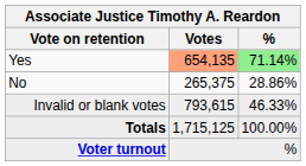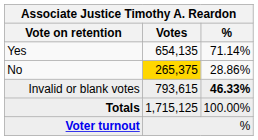 <table class="wikitable" style="font-size: 95%;">
 <tr style="background-color:#E9E9E9">
 <th colspan=7>Associate Justice Timothy A. Reardon</th>
 </tr>
 <tr style="background-color:#E9E9E9">
 <th style="width: 170px">Vote on retention</th>
 <th style="width: 50px">Votes</th>
 <th style="width: 40px">%</th>
 </tr>
 <tr>
 <td>Yes</td>
-<td align="right" style="background: lightsalmon;">654,135</td>
-<td align="right" style="background: lightgreen;">71.14%</td>
+<td align="right">654,135</td>
+<td align="right">71.14%</td>
 </tr>
 <tr>
 <td>No</td>
-<td align="right">265,375</td>
+<td align="right" style="background: gold;">265,375</td>
 <td align="right">28.86%</td>
 </tr>
 <tr style="background-color:#EEEEEE">
 <td align="right">Invalid or blank votes</td>
 <td align="right">793,615</td>
-<td align="right">46.33%</td>
+<td align="right"><strong>46.33%</strong></td>
 </tr>
 <tr style="background-color:#EEEEEE">
 <td colspan="1" align="right"><strong>Totals</strong></td>
 <td align="right">1,715,125</td>
 <td align="right">100.00%</td>
 </tr>
 <tr style="background-color:#EEEEEE">
 <td align="right"><strong><a href='#'>Voter turnout</a></strong></td>
 <td colspan="2" align="right">%</td>
 </tr>
 </table>
